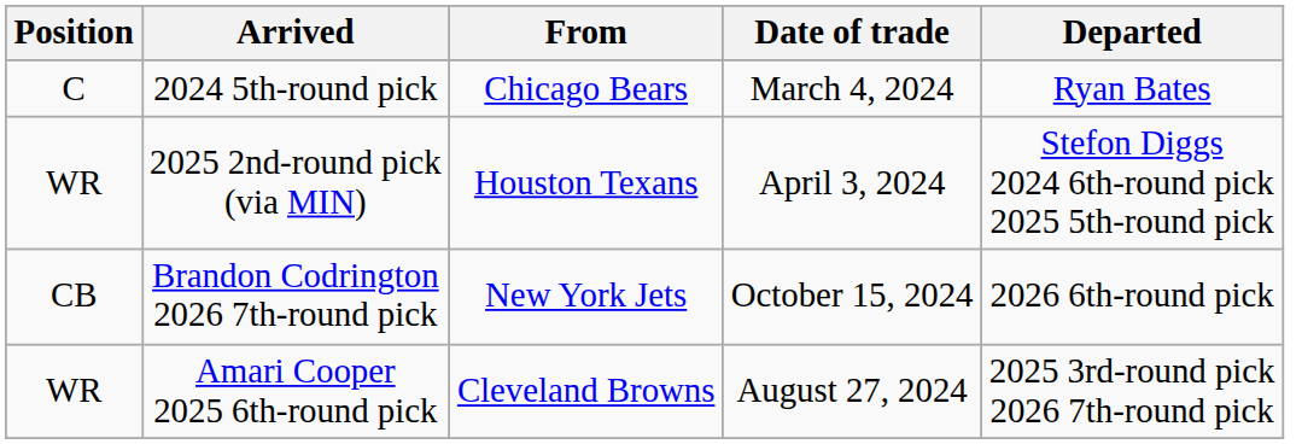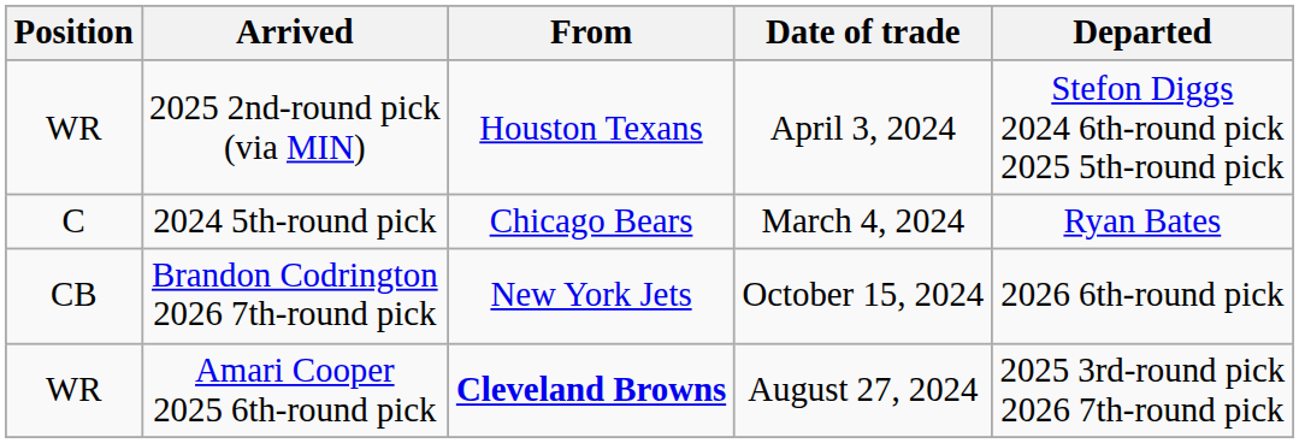 <table class="wikitable sortable" style="text-align: center">
 <tr>
 <th>Position</th>
 <th>Arrived</th>
 <th>From</th>
 <th>Date of trade</th>
 <th>Departed</th>
 </tr>
 <tr>
+<td>WR</td>
+<td>2025 2nd-round pick <br> (via <a href='#'>MIN</a>)</td>
+<td><a href='#'>Houston Texans</a></td>
+<td>April 3, 2024</td>
+<td><a href='#'>Stefon Diggs</a> <br> 2024 6th-round pick <br> 2025 5th-round pick</td>
+</tr>
+<tr>
 <td>C</td>
 <td>2024 5th-round pick</td>
 <td><a href='#'>Chicago Bears</a></td>
 <td>March 4, 2024</td>
 <td><a href='#'>Ryan Bates</a></td>
-</tr>
-<tr>
-<td>WR</td>
-<td>2025 2nd-round pick <br> (via <a href='#'>MIN</a>)</td>
-<td><a href='#'>Houston Texans</a></td>
-<td>April 3, 2024</td>
-<td><a href='#'>Stefon Diggs</a> <br> 2024 6th-round pick <br> 2025 5th-round pick</td>
 </tr>
 <tr>
 <td>CB</td>
 <td><a href='#'>Brandon Codrington</a> <br> 2026 7th-round pick</td>
 <td><a href='#'>New York Jets</a></td>
 <td>October 15, 2024</td>
 <td>2026 6th-round pick</td>
 </tr>
 <tr>
 <td>WR</td>
 <td><a href='#'>Amari Cooper</a> <br> 2025 6th-round pick</td>
-<td><a href='#'>Cleveland Browns</a></td>
+<td><strong><a href='#'>Cleveland Browns</a></strong></td>
 <td>August 27, 2024</td>
 <td>2025 3rd-round pick <br> 2026 7th-round pick</td>
 </tr>
 </table>
